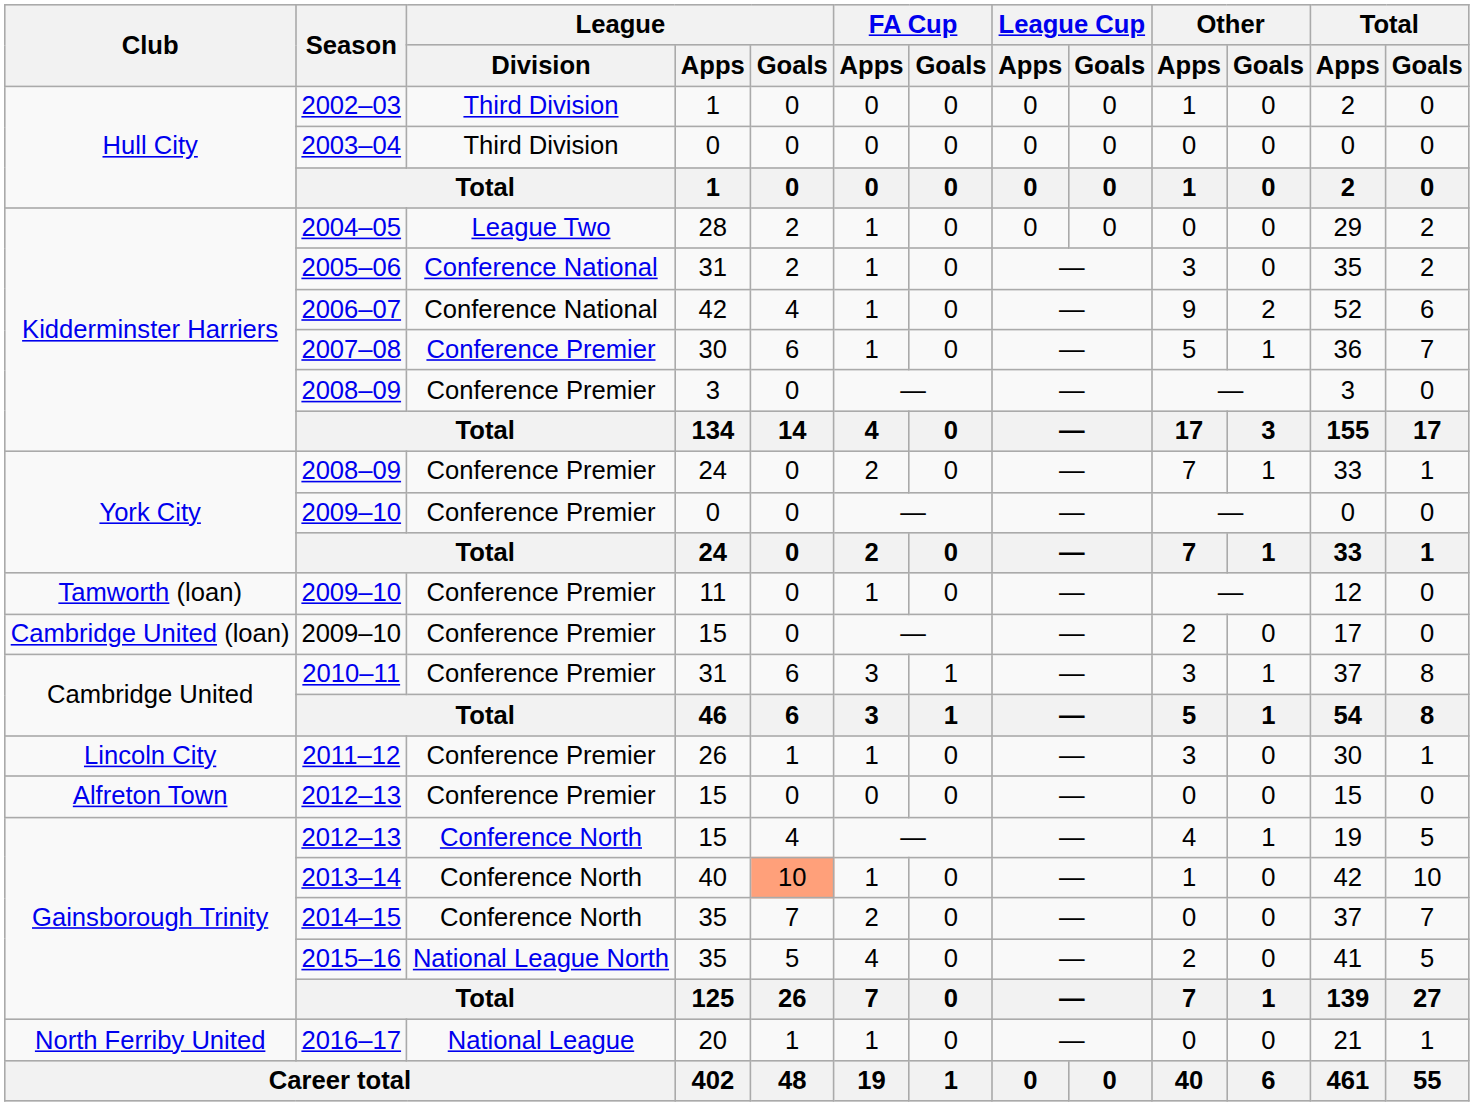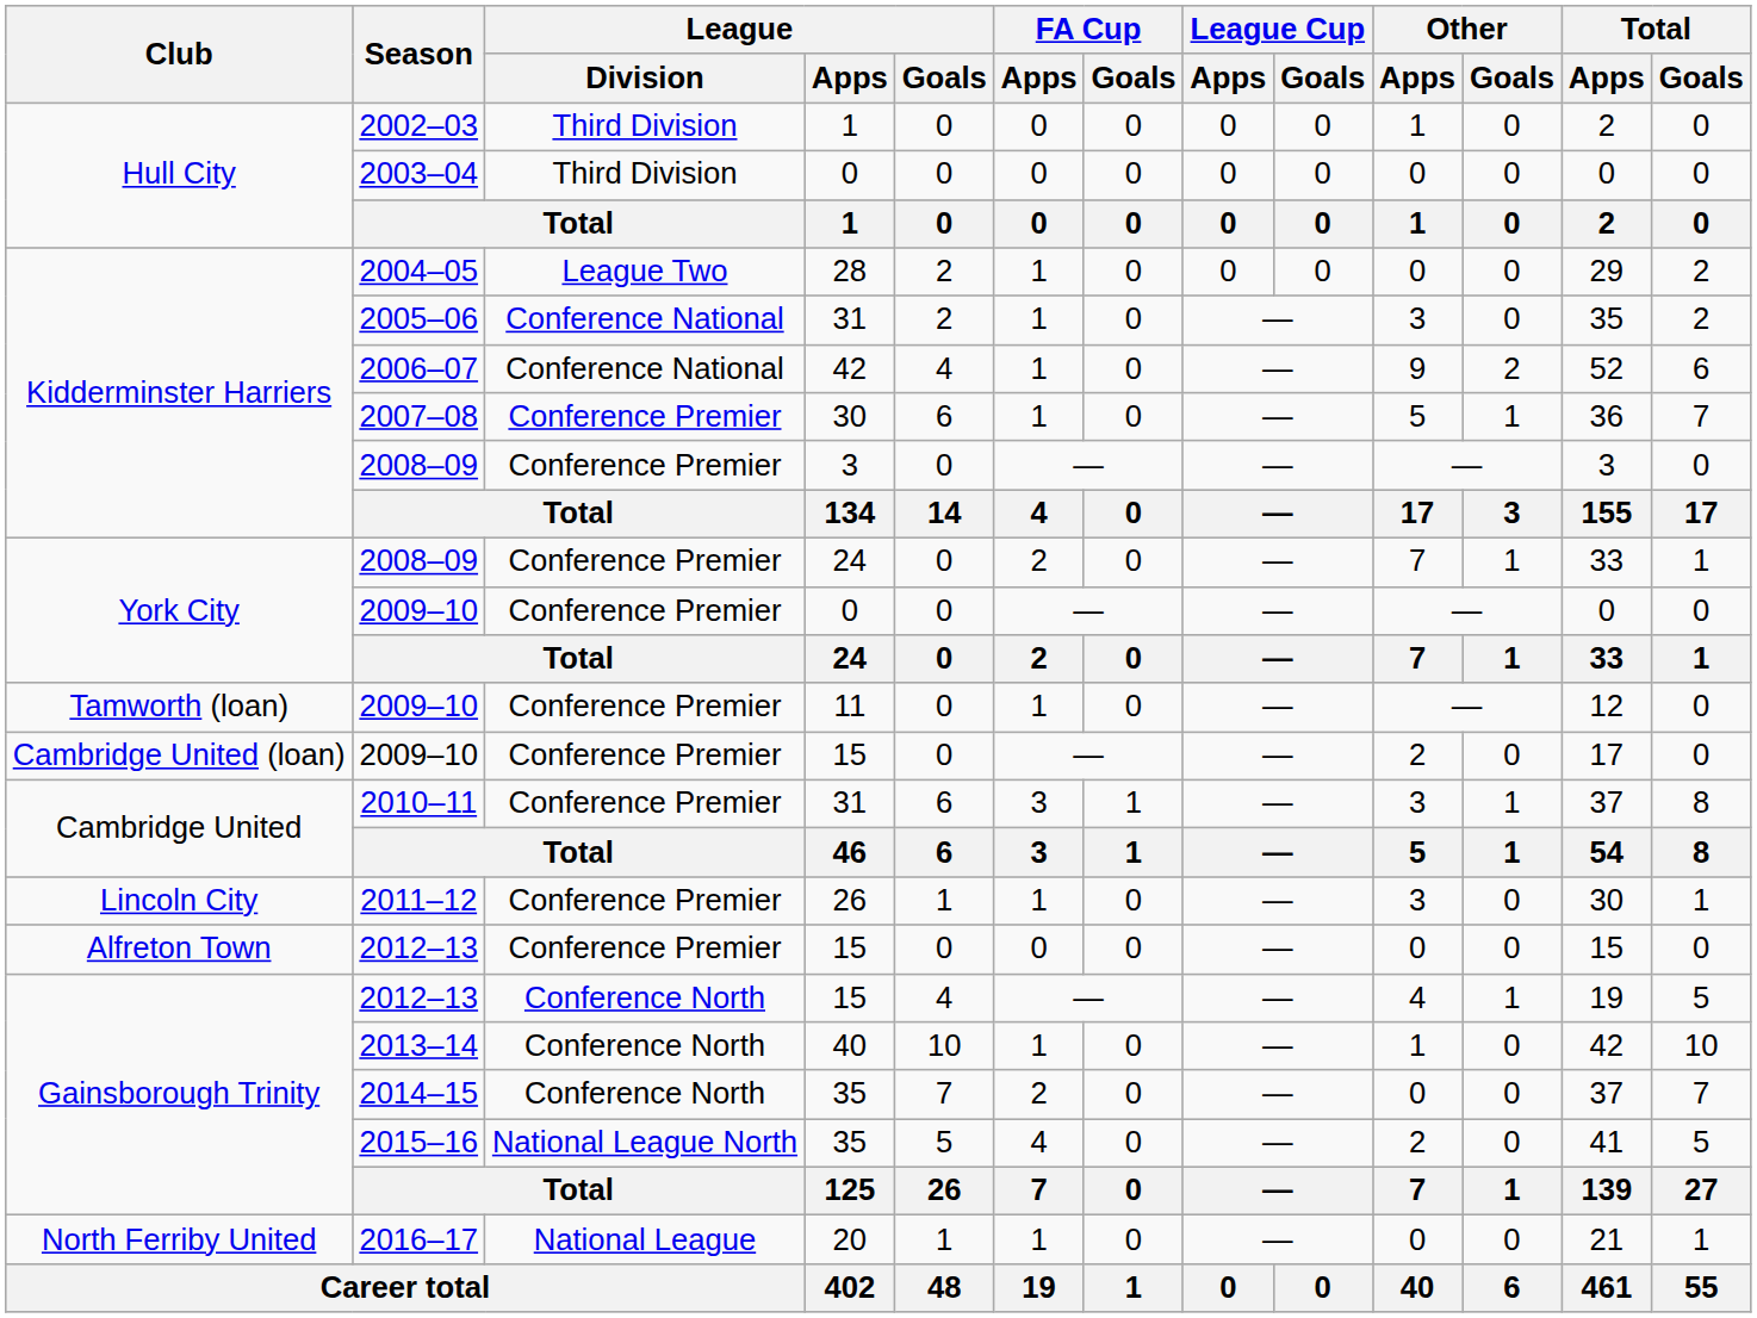 <table class=wikitable style="text-align: center;">
 <tr>
 <th rowspan=2>Club</th>
 <th rowspan=2>Season</th>
 <th colspan=3>League</th>
 <th colspan=2><a href='#'>FA Cup</a></th>
 <th colspan=2><a href='#'>League Cup</a></th>
 <th colspan=2>Other</th>
 <th colspan=2>Total</th>
 </tr>
 <tr>
 <th>Division</th>
 <th>Apps</th>
 <th>Goals</th>
 <th>Apps</th>
 <th>Goals</th>
 <th>Apps</th>
 <th>Goals</th>
 <th>Apps</th>
 <th>Goals</th>
 <th>Apps</th>
 <th>Goals</th>
 </tr>
 <tr>
 <td rowspan=3><a href='#'>Hull City</a></td>
 <td><a href='#'>2002–03</a></td>
 <td><a href='#'>Third Division</a></td>
 <td>1</td>
 <td>0</td>
 <td>0</td>
 <td>0</td>
 <td>0</td>
 <td>0</td>
 <td>1</td>
 <td>0</td>
 <td>2</td>
 <td>0</td>
 </tr>
 <tr>
 <td><a href='#'>2003–04</a></td>
 <td>Third Division</td>
 <td>0</td>
 <td>0</td>
 <td>0</td>
 <td>0</td>
 <td>0</td>
 <td>0</td>
 <td>0</td>
 <td>0</td>
 <td>0</td>
 <td>0</td>
 </tr>
 <tr>
 <th colspan=2>Total</th>
 <th>1</th>
 <th>0</th>
 <th>0</th>
 <th>0</th>
 <th>0</th>
 <th>0</th>
 <th>1</th>
 <th>0</th>
 <th>2</th>
 <th>0</th>
 </tr>
 <tr>
 <td rowspan=6><a href='#'>Kidderminster Harriers</a></td>
 <td><a href='#'>2004–05</a></td>
 <td><a href='#'>League Two</a></td>
 <td>28</td>
 <td>2</td>
 <td>1</td>
 <td>0</td>
 <td>0</td>
 <td>0</td>
 <td>0</td>
 <td>0</td>
 <td>29</td>
 <td>2</td>
 </tr>
 <tr>
 <td><a href='#'>2005–06</a></td>
 <td><a href='#'>Conference National</a></td>
 <td>31</td>
 <td>2</td>
 <td>1</td>
 <td>0</td>
 <td colspan=2>—</td>
 <td>3</td>
 <td>0</td>
 <td>35</td>
 <td>2</td>
 </tr>
 <tr>
 <td><a href='#'>2006–07</a></td>
 <td>Conference National</td>
 <td>42</td>
 <td>4</td>
 <td>1</td>
 <td>0</td>
 <td colspan=2>—</td>
 <td>9</td>
 <td>2</td>
 <td>52</td>
 <td>6</td>
 </tr>
 <tr>
 <td><a href='#'>2007–08</a></td>
 <td><a href='#'>Conference Premier</a></td>
 <td>30</td>
 <td>6</td>
 <td>1</td>
 <td>0</td>
 <td colspan=2>—</td>
 <td>5</td>
 <td>1</td>
 <td>36</td>
 <td>7</td>
 </tr>
 <tr>
 <td><a href='#'>2008–09</a></td>
 <td>Conference Premier</td>
 <td>3</td>
 <td>0</td>
 <td colspan=2>—</td>
 <td colspan=2>—</td>
 <td colspan=2>—</td>
 <td>3</td>
 <td>0</td>
 </tr>
 <tr>
 <th colspan=2>Total</th>
 <th>134</th>
 <th>14</th>
 <th>4</th>
 <th>0</th>
 <th colspan=2>—</th>
 <th>17</th>
 <th>3</th>
 <th>155</th>
 <th>17</th>
 </tr>
 <tr>
 <td rowspan=3><a href='#'>York City</a></td>
 <td><a href='#'>2008–09</a></td>
 <td>Conference Premier</td>
 <td>24</td>
 <td>0</td>
 <td>2</td>
 <td>0</td>
 <td colspan=2>—</td>
 <td>7</td>
 <td>1</td>
 <td>33</td>
 <td>1</td>
 </tr>
 <tr>
 <td><a href='#'>2009–10</a></td>
 <td>Conference Premier</td>
 <td>0</td>
 <td>0</td>
 <td colspan=2>—</td>
 <td colspan=2>—</td>
 <td colspan=2>—</td>
 <td>0</td>
 <td>0</td>
 </tr>
 <tr>
 <th colspan=2>Total</th>
 <th>24</th>
 <th>0</th>
 <th>2</th>
 <th>0</th>
 <th colspan=2>—</th>
 <th>7</th>
 <th>1</th>
 <th>33</th>
 <th>1</th>
 </tr>
 <tr>
 <td><a href='#'>Tamworth</a> (loan)</td>
 <td><a href='#'>2009–10</a></td>
 <td>Conference Premier</td>
 <td>11</td>
 <td>0</td>
 <td>1</td>
 <td>0</td>
 <td colspan=2>—</td>
 <td colspan=2>—</td>
 <td>12</td>
 <td>0</td>
 </tr>
 <tr>
 <td><a href='#'>Cambridge United</a> (loan)</td>
 <td>2009–10</td>
 <td>Conference Premier</td>
 <td>15</td>
 <td>0</td>
 <td colspan=2>—</td>
 <td colspan=2>—</td>
 <td>2</td>
 <td>0</td>
 <td>17</td>
 <td>0</td>
 </tr>
 <tr>
 <td rowspan=2>Cambridge United</td>
 <td><a href='#'>2010–11</a></td>
 <td>Conference Premier</td>
 <td>31</td>
 <td>6</td>
 <td>3</td>
 <td>1</td>
 <td colspan=2>—</td>
 <td>3</td>
 <td>1</td>
 <td>37</td>
 <td>8</td>
 </tr>
 <tr>
 <th colspan=2>Total</th>
 <th>46</th>
 <th>6</th>
 <th>3</th>
 <th>1</th>
 <th colspan=2>—</th>
 <th>5</th>
 <th>1</th>
 <th>54</th>
 <th>8</th>
 </tr>
 <tr>
 <td><a href='#'>Lincoln City</a></td>
 <td><a href='#'>2011–12</a></td>
 <td>Conference Premier</td>
 <td>26</td>
 <td>1</td>
 <td>1</td>
 <td>0</td>
 <td colspan=2>—</td>
 <td>3</td>
 <td>0</td>
 <td>30</td>
 <td>1</td>
 </tr>
 <tr>
 <td><a href='#'>Alfreton Town</a></td>
 <td><a href='#'>2012–13</a></td>
 <td>Conference Premier</td>
 <td>15</td>
 <td>0</td>
 <td>0</td>
 <td>0</td>
 <td colspan=2>—</td>
 <td>0</td>
 <td>0</td>
 <td>15</td>
 <td>0</td>
 </tr>
 <tr>
 <td rowspan=5><a href='#'>Gainsborough Trinity</a></td>
 <td><a href='#'>2012–13</a></td>
 <td><a href='#'>Conference North</a></td>
 <td>15</td>
 <td>4</td>
 <td colspan=2>—</td>
 <td colspan=2>—</td>
 <td>4</td>
 <td>1</td>
 <td>19</td>
 <td>5</td>
 </tr>
 <tr>
 <td><a href='#'>2013–14</a></td>
 <td>Conference North</td>
 <td>40</td>
-<td style="background: lightsalmon;">10</td>
+<td>10</td>
 <td>1</td>
 <td>0</td>
 <td colspan=2>—</td>
 <td>1</td>
 <td>0</td>
 <td>42</td>
 <td>10</td>
 </tr>
 <tr>
 <td><a href='#'>2014–15</a></td>
 <td>Conference North</td>
 <td>35</td>
 <td>7</td>
 <td>2</td>
 <td>0</td>
 <td colspan=2>—</td>
 <td>0</td>
 <td>0</td>
 <td>37</td>
 <td>7</td>
 </tr>
 <tr>
 <td><a href='#'>2015–16</a></td>
 <td><a href='#'>National League North</a></td>
 <td>35</td>
 <td>5</td>
 <td>4</td>
 <td>0</td>
 <td colspan=2>—</td>
 <td>2</td>
 <td>0</td>
 <td>41</td>
 <td>5</td>
 </tr>
 <tr>
 <th colspan=2>Total</th>
 <th>125</th>
 <th>26</th>
 <th>7</th>
 <th>0</th>
 <th colspan=2>—</th>
 <th>7</th>
 <th>1</th>
 <th>139</th>
 <th>27</th>
 </tr>
 <tr>
 <td><a href='#'>North Ferriby United</a></td>
 <td><a href='#'>2016–17</a></td>
 <td><a href='#'>National League</a></td>
 <td>20</td>
 <td>1</td>
 <td>1</td>
 <td>0</td>
 <td colspan=2>—</td>
 <td>0</td>
 <td>0</td>
 <td>21</td>
 <td>1</td>
 </tr>
 <tr>
 <th colspan=3>Career total</th>
 <th>402</th>
 <th>48</th>
 <th>19</th>
 <th>1</th>
 <th>0</th>
 <th>0</th>
 <th>40</th>
 <th>6</th>
 <th>461</th>
 <th>55</th>
 </tr>
 </table>
